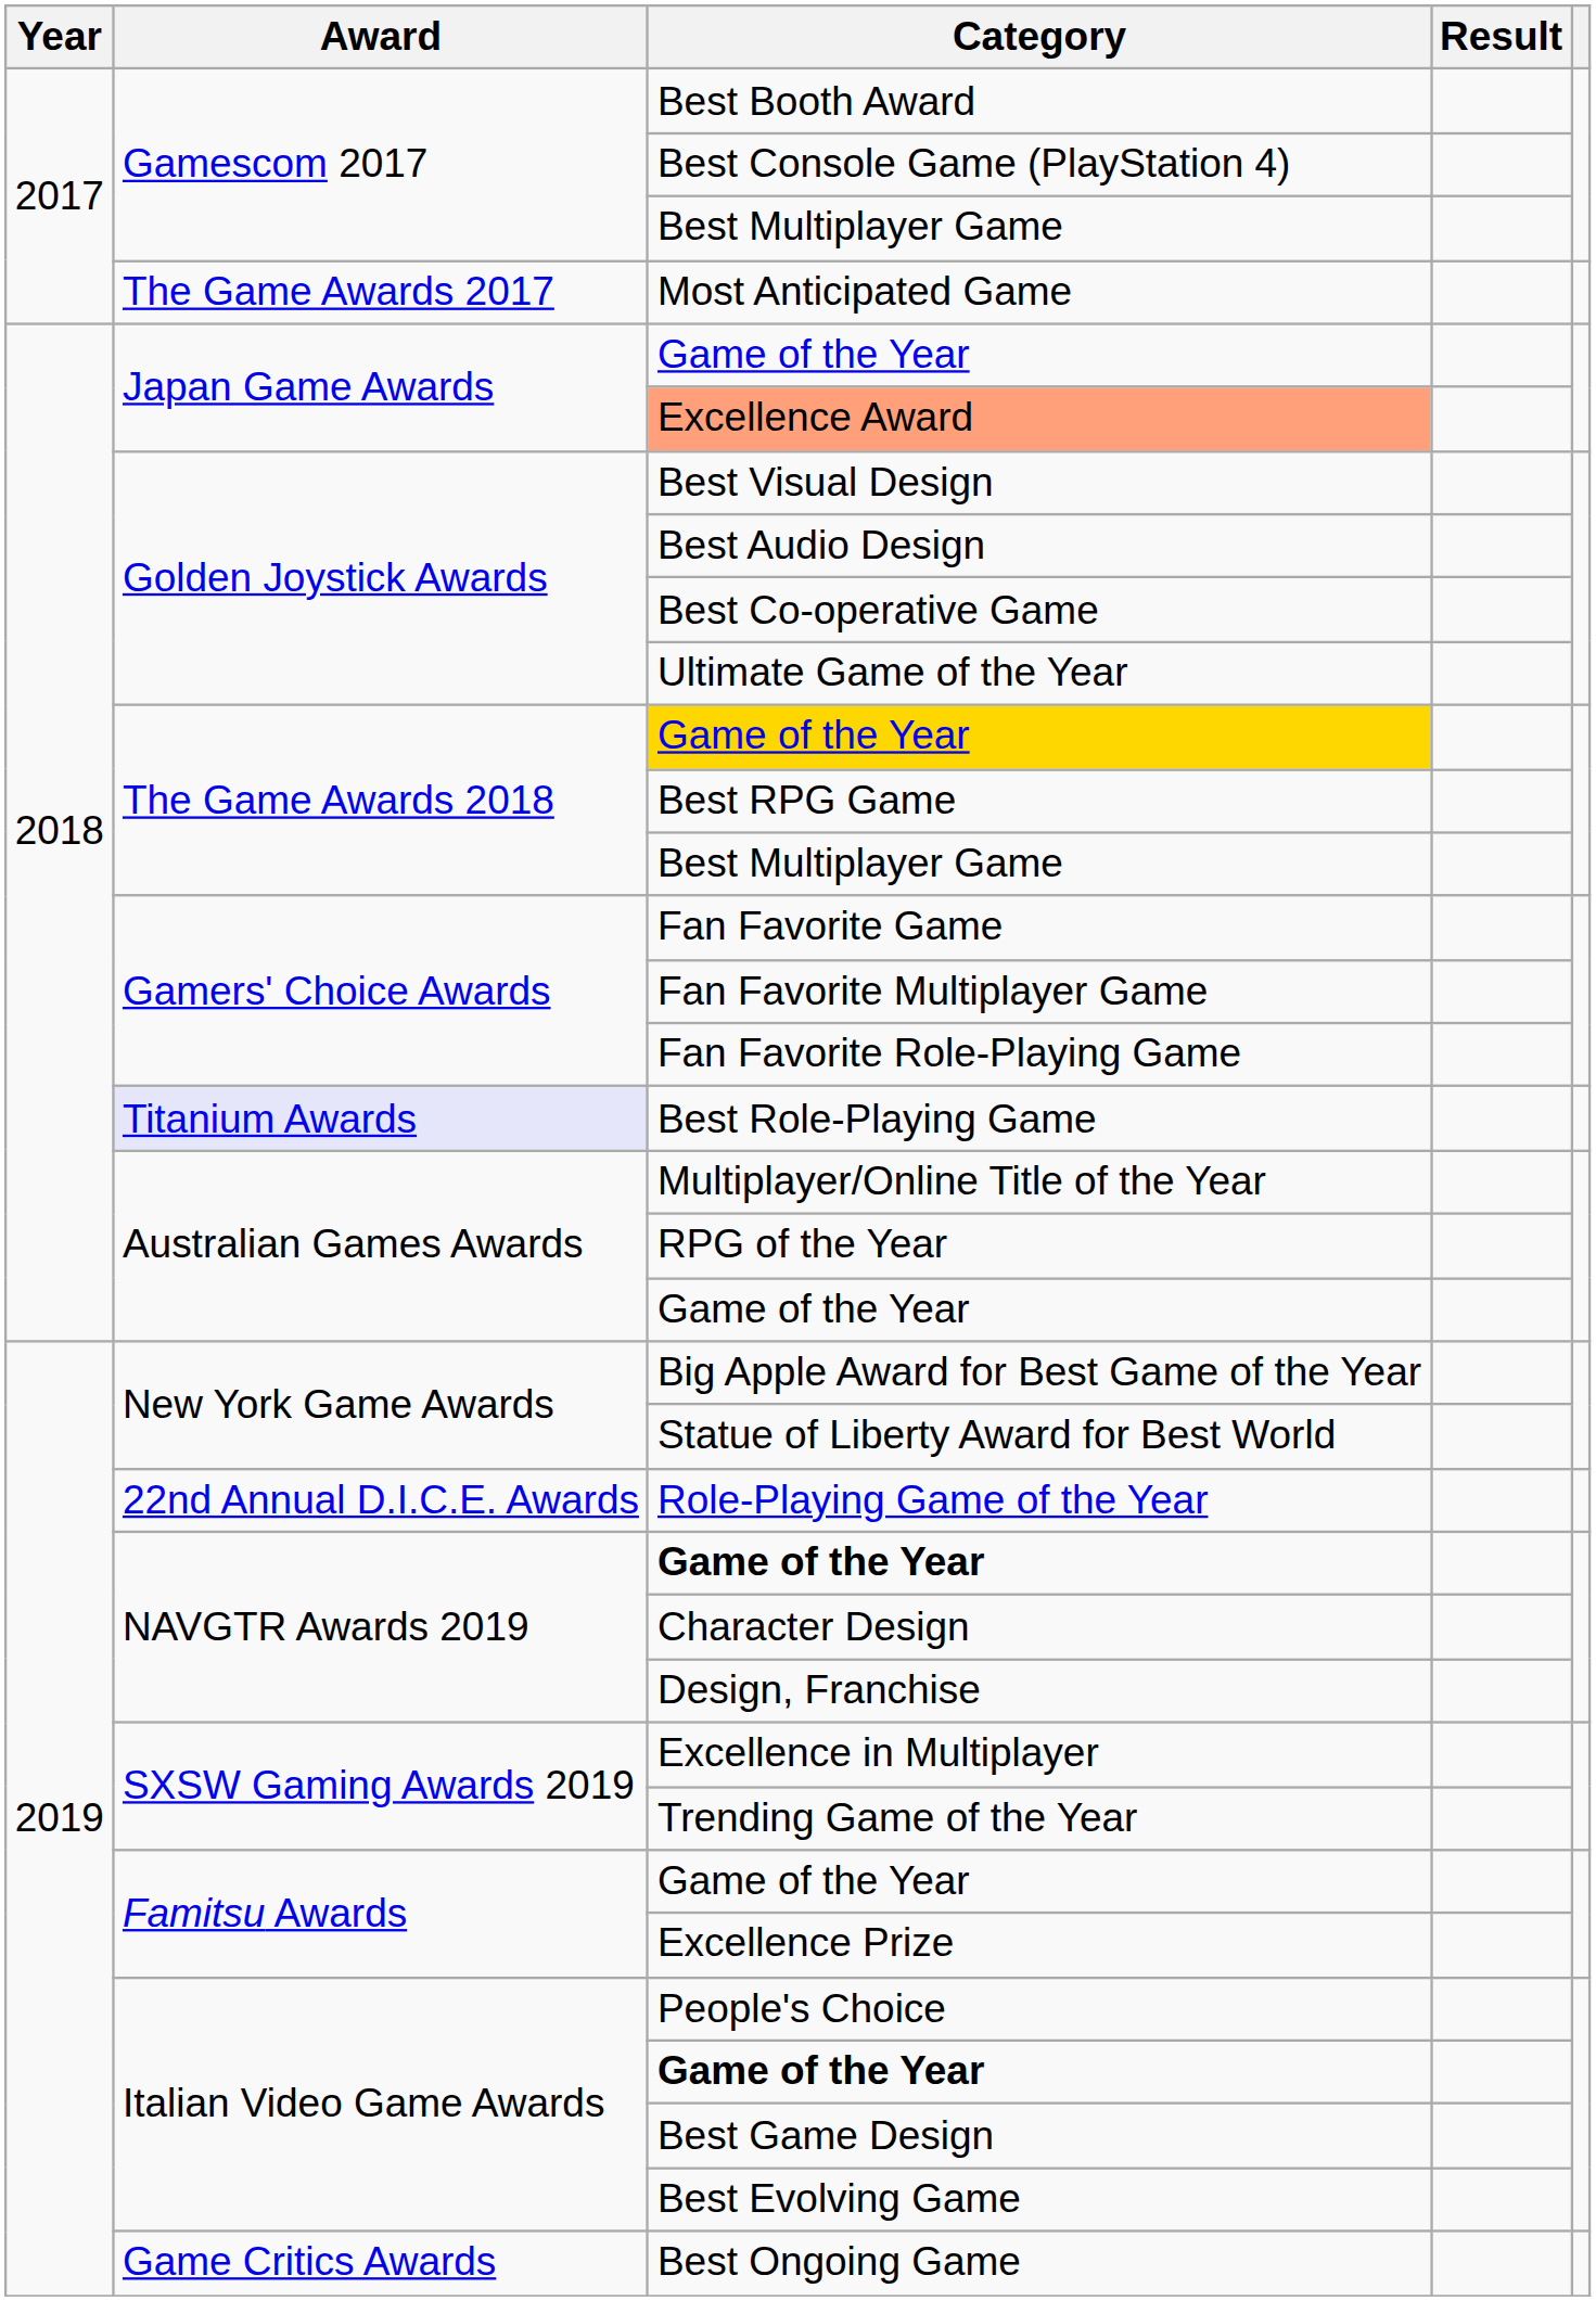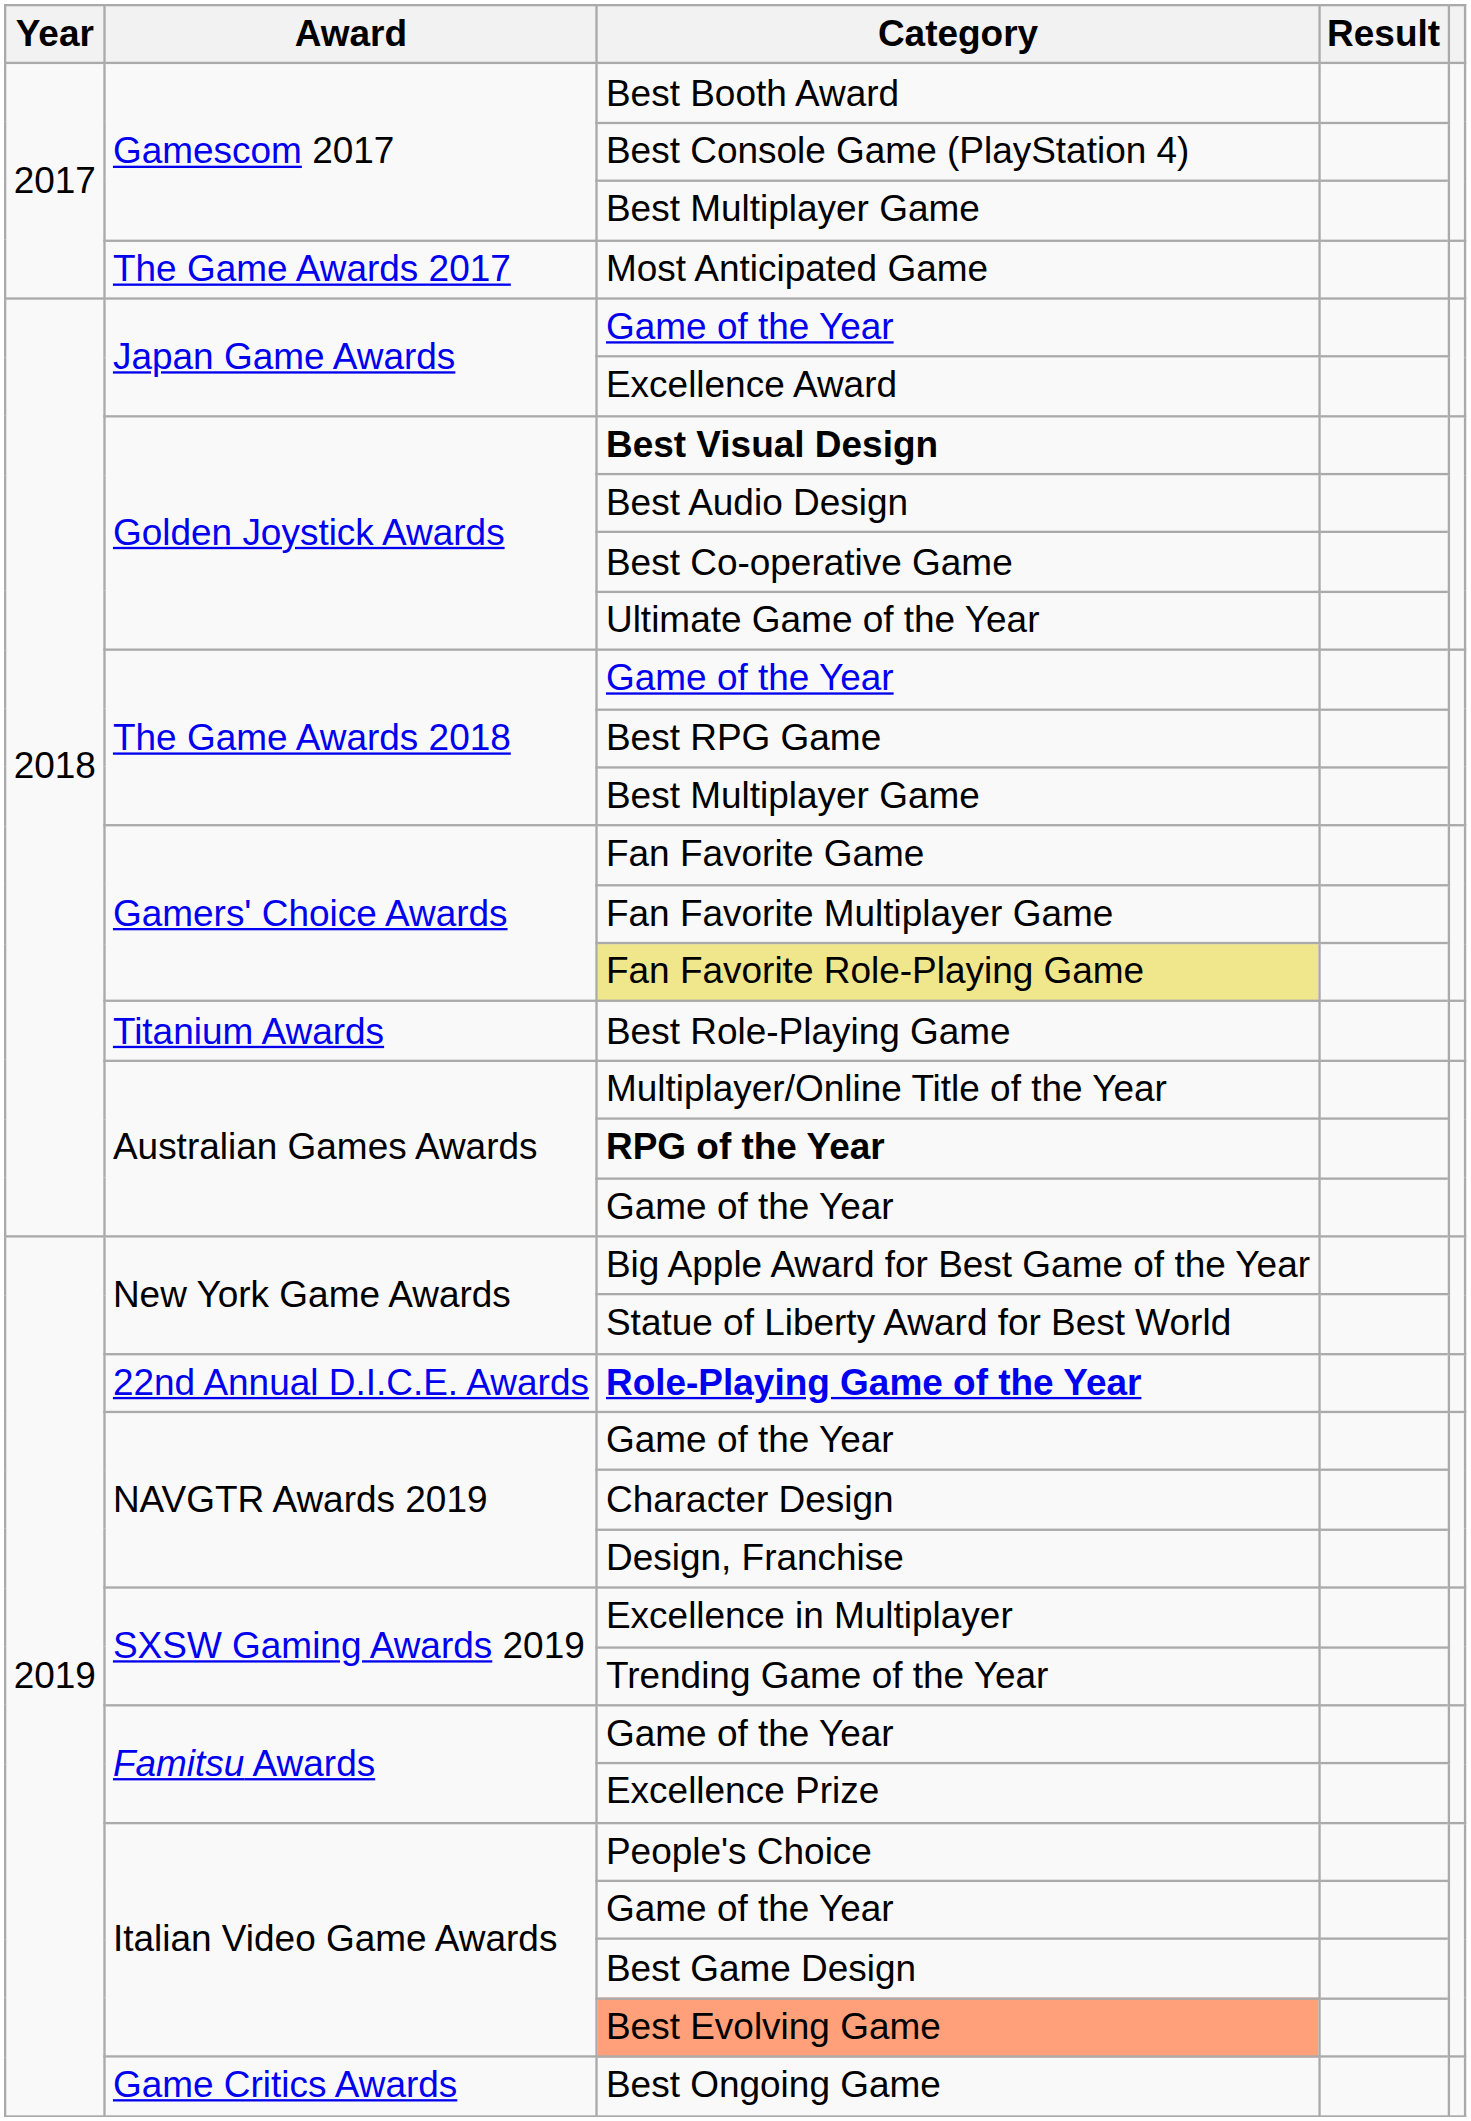 <table class="wikitable sortable">
 <tr>
 <th>Year</th>
 <th>Award</th>
 <th>Category</th>
 <th>Result</th>
 <th></th>
 </tr>
 <tr>
 <td style="text-align:center;" rowspan="4">2017</td>
 <td rowspan="3"><a href='#'>Gamescom</a> 2017</td>
 <td>Best Booth Award</td>
 <td></td>
 <td rowspan="3" style="text-align:center;"></td>
 </tr>
 <tr>
 <td>Best Console Game (PlayStation 4)</td>
 <td></td>
 </tr>
 <tr>
 <td>Best Multiplayer Game</td>
 <td></td>
 </tr>
 <tr>
 <td><a href='#'>The Game Awards 2017</a></td>
 <td>Most Anticipated Game</td>
 <td></td>
 <td style="text-align:center;"></td>
 </tr>
 <tr>
 <td style="text-align:center;" rowspan="16">2018</td>
 <td rowspan="2"><a href='#'>Japan Game Awards</a></td>
 <td><a href='#'>Game of the Year</a></td>
 <td></td>
 <td rowspan="2" style="text-align:center;"></td>
 </tr>
 <tr>
-<td style="background: lightsalmon;">Excellence Award</td>
+<td>Excellence Award</td>
 <td></td>
 </tr>
 <tr>
 <td rowspan="4"><a href='#'>Golden Joystick Awards</a></td>
-<td>Best Visual Design</td>
+<td><strong>Best Visual Design</strong></td>
 <td></td>
 <td rowspan="4" style="text-align:center;"></td>
 </tr>
 <tr>
 <td>Best Audio Design</td>
 <td></td>
 </tr>
 <tr>
 <td>Best Co-operative Game</td>
 <td></td>
 </tr>
 <tr>
 <td>Ultimate Game of the Year</td>
 <td></td>
 </tr>
 <tr>
 <td rowspan="3"><a href='#'>The Game Awards 2018</a></td>
-<td style="background: gold;"><a href='#'>Game of the Year</a></td>
+<td><a href='#'>Game of the Year</a></td>
 <td></td>
 <td rowspan="3" style="text-align:center;"></td>
 </tr>
 <tr>
 <td>Best RPG Game</td>
 <td></td>
 </tr>
 <tr>
 <td>Best Multiplayer Game</td>
 <td></td>
 </tr>
 <tr>
 <td rowspan="3"><a href='#'>Gamers' Choice Awards</a></td>
 <td>Fan Favorite Game</td>
 <td></td>
 <td rowspan="3" style="text-align:center;"></td>
 </tr>
 <tr>
 <td>Fan Favorite Multiplayer Game</td>
 <td></td>
 </tr>
 <tr>
-<td>Fan Favorite Role-Playing Game</td>
+<td style="background: khaki;">Fan Favorite Role-Playing Game</td>
 <td></td>
 </tr>
 <tr>
-<td style="background: lavender;"><a href='#'>Titanium Awards</a></td>
+<td><a href='#'>Titanium Awards</a></td>
 <td>Best Role-Playing Game</td>
 <td></td>
 <td style="text-align:center;"></td>
 </tr>
 <tr>
 <td rowspan="3">Australian Games Awards</td>
 <td>Multiplayer/Online Title of the Year</td>
 <td></td>
 <td rowspan="3" style="text-align:center;"></td>
 </tr>
 <tr>
-<td>RPG of the Year</td>
+<td><strong>RPG of the Year</strong></td>
 <td></td>
 </tr>
 <tr>
 <td>Game of the Year</td>
 <td></td>
 </tr>
 <tr>
 <td style="text-align:center;" rowspan="15">2019</td>
 <td rowspan="2">New York Game Awards</td>
 <td>Big Apple Award for Best Game of the Year</td>
 <td></td>
 <td rowspan="2" style="text-align:center;"></td>
 </tr>
 <tr>
 <td>Statue of Liberty Award for Best World</td>
 <td></td>
 </tr>
 <tr>
 <td><a href='#'>22nd Annual D.I.C.E. Awards</a></td>
-<td><a href='#'>Role-Playing Game of the Year</a></td>
+<td><strong><a href='#'>Role-Playing Game of the Year</a></strong></td>
 <td></td>
 <td style="text-align:center;"></td>
 </tr>
 <tr>
 <td rowspan="3">NAVGTR Awards 2019</td>
-<td><strong>Game of the Year</strong></td>
+<td>Game of the Year</td>
 <td></td>
 <td rowspan="3" style="text-align:center;"></td>
 </tr>
 <tr>
 <td>Character Design</td>
 <td></td>
 </tr>
 <tr>
 <td>Design, Franchise</td>
 <td></td>
 </tr>
 <tr>
 <td rowspan="2"><a href='#'>SXSW Gaming Awards</a> 2019</td>
 <td>Excellence in Multiplayer</td>
 <td></td>
 <td rowspan="2" style="text-align:center;"></td>
 </tr>
 <tr>
 <td>Trending Game of the Year</td>
 <td></td>
 </tr>
 <tr>
 <td rowspan="2"><a href='#'><em>Famitsu</em> Awards</a></td>
 <td>Game of the Year</td>
 <td></td>
 <td rowspan="2" style="text-align:center;"></td>
 </tr>
 <tr>
 <td>Excellence Prize</td>
 <td></td>
 </tr>
 <tr>
 <td rowspan="4">Italian Video Game Awards</td>
 <td>People's Choice</td>
 <td></td>
 <td rowspan="4" style="text-align:center;"></td>
 </tr>
 <tr>
-<td><strong>Game of the Year</strong></td>
+<td>Game of the Year</td>
 <td></td>
 </tr>
 <tr>
 <td>Best Game Design</td>
 <td></td>
 </tr>
 <tr>
-<td>Best Evolving Game</td>
+<td style="background: lightsalmon;">Best Evolving Game</td>
 <td></td>
 </tr>
 <tr>
 <td><a href='#'>Game Critics Awards</a></td>
 <td>Best Ongoing Game</td>
 <td></td>
 <td style="text-align:center;"></td>
 </tr>
 </table>
